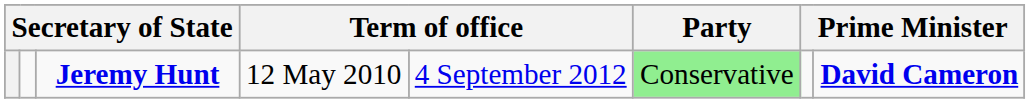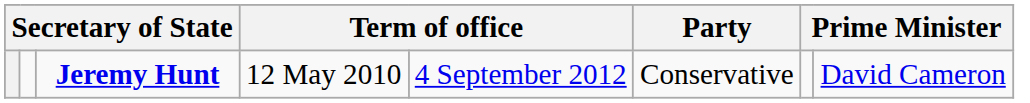 <table class="wikitable" style="text-align:center">
 <tr>
 <th colspan=3>Secretary of State</th>
 <th colspan=2>Term of office</th>
 <th>Party</th>
 <th colspan=2>Prime Minister</th>
 </tr>
 <tr style="height:1em">
 <th style="background-color:"></th>
 <td></td>
 <td><strong><a href='#'>Jeremy Hunt</a></strong><br></td>
 <td>12 May 2010</td>
 <td><a href='#'>4 September 2012</a></td>
-<td style="background: lightgreen;">Conservative</td>
+<td>Conservative</td>
 <td style="background-color:"></td>
-<td><strong><a href='#'>David Cameron</a></strong></td>
+<td><a href='#'>David Cameron</a></td>
 </tr>
 </table>
